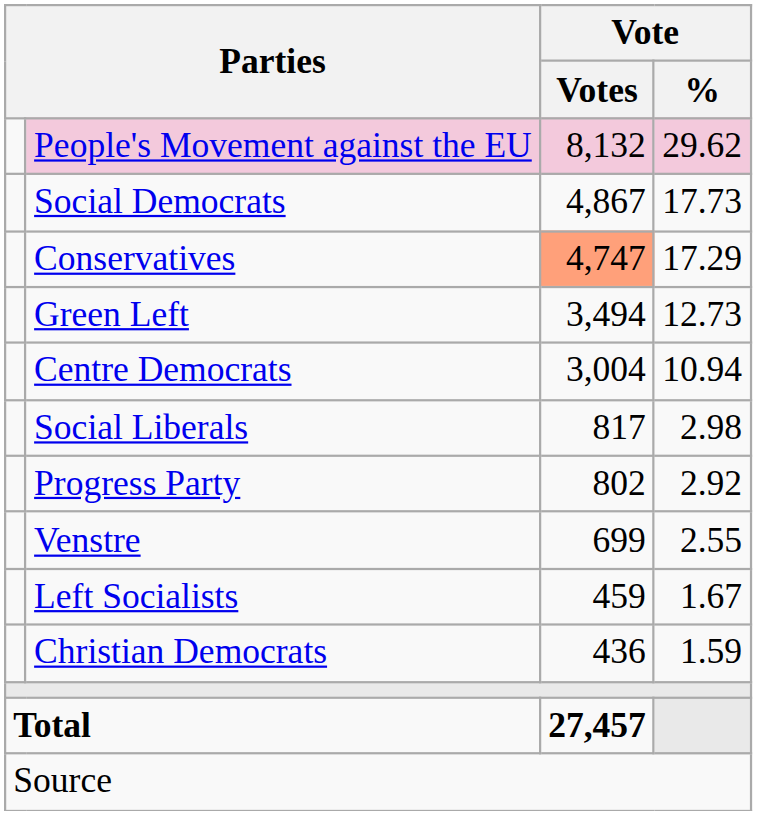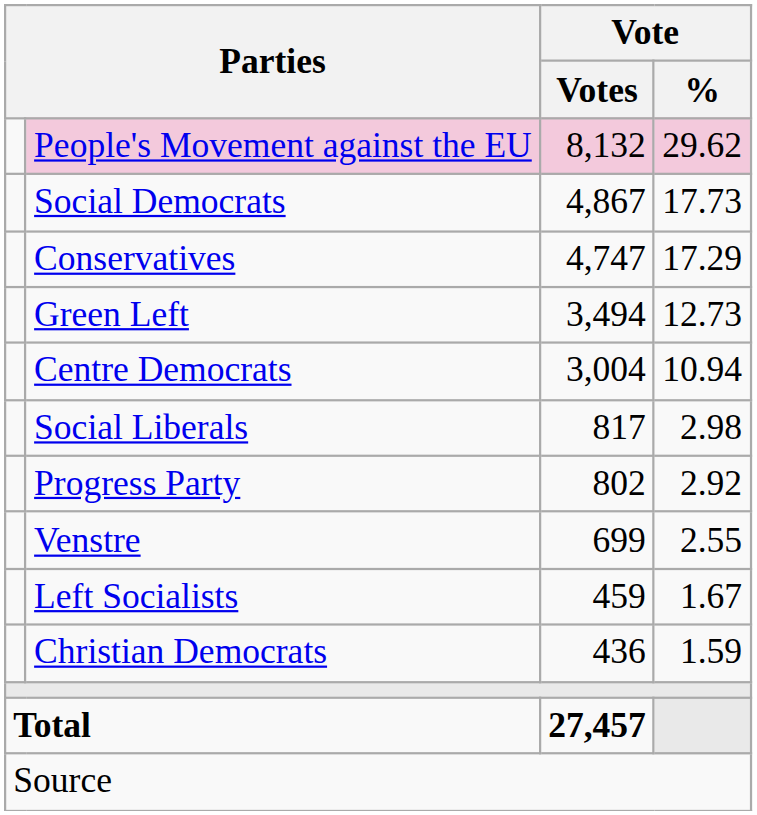 <table class="wikitable" style="text-align:right;">
 <tr>
 <th style="text-align:centre;" rowspan="2" colspan="2" width="225">Parties</th>
 <th colspan="3">Vote</th>
 </tr>
 <tr>
 <th width="15">Votes</th>
 <th width="15">%</th>
 </tr>
 <tr>
 <td width="2" style="color:inherit;background:"></td>
 <td bgcolor=#f3c9dc   align="left"><a href='#'>People's Movement against the EU</a></td>
 <td bgcolor=#f3c9dc>8,132</td>
 <td bgcolor=#f3c9dc>29.62</td>
 </tr>
 <tr>
 <td width="2" style="color:inherit;background:"></td>
 <td align="left"><a href='#'>Social Democrats</a></td>
 <td>4,867</td>
 <td>17.73</td>
 </tr>
 <tr>
 <td width="2" style="color:inherit;background:"></td>
 <td align="left"><a href='#'>Conservatives</a></td>
-<td style="background: lightsalmon;">4,747</td>
+<td>4,747</td>
 <td>17.29</td>
 </tr>
 <tr>
 <td width="2" style="color:inherit;background:"></td>
 <td align="left"><a href='#'>Green Left</a></td>
 <td>3,494</td>
 <td>12.73</td>
 </tr>
 <tr>
 <td width="2" style="color:inherit;background:"></td>
 <td align="left"><a href='#'>Centre Democrats</a></td>
 <td>3,004</td>
 <td>10.94</td>
 </tr>
 <tr>
 <td width="2" style="color:inherit;background:"></td>
 <td align="left"><a href='#'>Social Liberals</a></td>
 <td>817</td>
 <td>2.98</td>
 </tr>
 <tr>
 <td width="2" style="color:inherit;background:"></td>
 <td align="left"><a href='#'>Progress Party</a></td>
 <td>802</td>
 <td>2.92</td>
 </tr>
 <tr>
 <td width="2" style="color:inherit;background:"></td>
 <td align="left"><a href='#'>Venstre</a></td>
 <td>699</td>
 <td>2.55</td>
 </tr>
 <tr>
 <td width="2" style="color:inherit;background:"></td>
 <td align="left"><a href='#'>Left Socialists</a></td>
 <td>459</td>
 <td>1.67</td>
 </tr>
 <tr>
 <td width="2" style="color:inherit;background:"></td>
 <td align="left"><a href='#'>Christian Democrats</a></td>
 <td>436</td>
 <td>1.59</td>
 </tr>
 <tr>
 <td colspan="7" bgcolor="#E9E9E9"></td>
 </tr>
 <tr>
 <td align="left" colspan="2"><strong>Total</strong></td>
 <td><strong>27,457</strong></td>
 <td bgcolor="#E9E9E9" colspan="2"></td>
 </tr>
 <tr>
 <td align="left" colspan="6">Source</td>
 </tr>
 </table>
